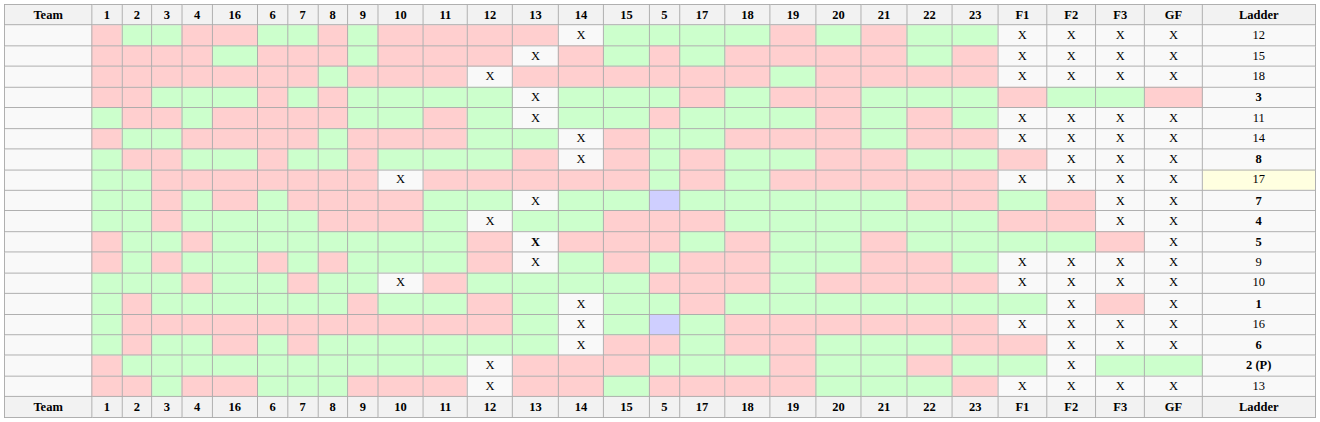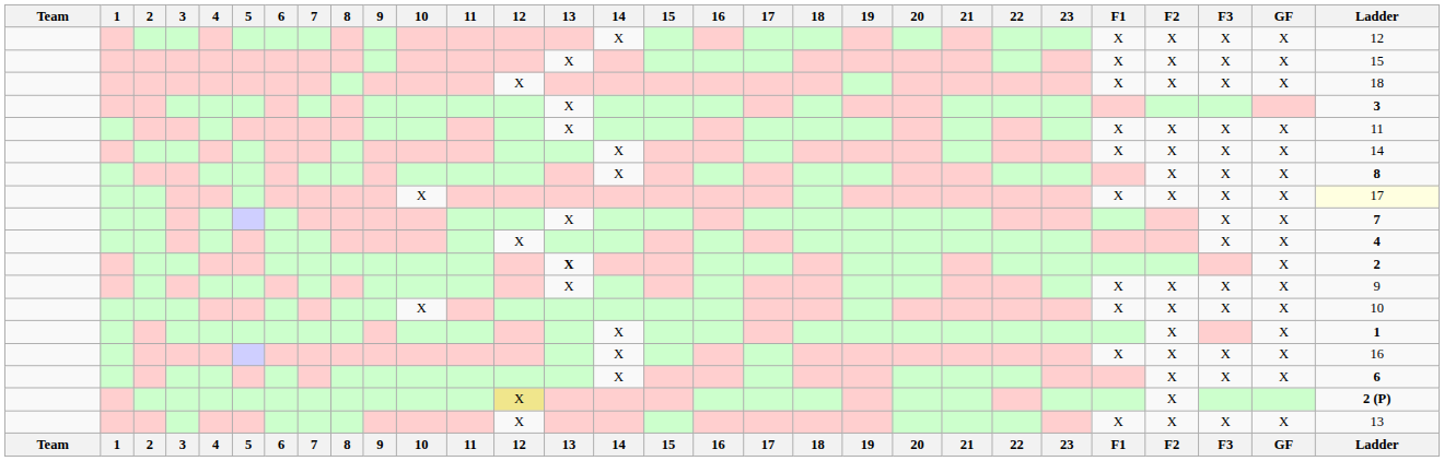 <table class="wikitable sortable" style="font-size:85%; text-align:center; width:90%">
 <tr valign="top">
 <th valign="middle">Team</th>
 <th>1</th>
 <th>2</th>
 <th>3</th>
 <th>4</th>
-<th>16</th>
+<th>5</th>
 <th>6</th>
 <th>7</th>
 <th>8</th>
 <th>9</th>
 <th>10</th>
 <th>11</th>
 <th>12</th>
 <th>13</th>
 <th>14</th>
 <th>15</th>
-<th>5</th>
+<th>16</th>
 <th>17</th>
 <th>18</th>
 <th>19</th>
 <th>20</th>
 <th>21</th>
 <th>22</th>
 <th>23</th>
 <th>F1</th>
 <th>F2</th>
 <th>F3</th>
 <th>GF</th>
 <th valign="middle">Ladder</th>
 </tr>
 <tr>
 <td align="left"></td>
 <td style="background:#FFCFCF;"></td>
 <td style="background:#cfc;"></td>
 <td style="background:#cfc;"></td>
 <td style="background:#FFCFCF;"></td>
-<td style="background:#FFCFCF;"></td>
+<td style="background:#cfc;"></td>
 <td style="background:#cfc;"></td>
 <td style="background:#cfc;"></td>
 <td style="background:#FFCFCF;"></td>
 <td style="background:#cfc;"></td>
 <td style="background:#FFCFCF;"></td>
 <td style="background:#FFCFCF;"></td>
 <td style="background:#FFCFCF;"></td>
 <td style="background:#FFCFCF;"></td>
 <td>X</td>
 <td style="background:#cfc;"></td>
-<td style="background:#cfc;"></td>
+<td style="background:#FFCFCF;"></td>
 <td style="background:#cfc;"></td>
 <td style="background:#cfc;"></td>
 <td style="background:#FFCFCF;"></td>
 <td style="background:#cfc;"></td>
 <td style="background:#FFCFCF;"></td>
 <td style="background:#cfc;"></td>
 <td style="background:#cfc;"></td>
 <td>X</td>
 <td>X</td>
 <td>X</td>
 <td>X</td>
 <td>12</td>
 </tr>
 <tr>
 <td align="left"></td>
 <td style="background:#FFCFCF;"></td>
 <td style="background:#FFCFCF;"></td>
 <td style="background:#FFCFCF;"></td>
 <td style="background:#FFCFCF;"></td>
-<td style="background:#cfc;"></td>
+<td style="background:#FFCFCF;"></td>
 <td style="background:#FFCFCF;"></td>
 <td style="background:#FFCFCF;"></td>
 <td style="background:#FFCFCF;"></td>
 <td style="background:#cfc;"></td>
 <td style="background:#FFCFCF;"></td>
 <td style="background:#FFCFCF;"></td>
 <td style="background:#FFCFCF;"></td>
 <td>X</td>
 <td style="background:#FFCFCF;"></td>
 <td style="background:#cfc;"></td>
-<td style="background:#FFCFCF;"></td>
+<td style="background:#cfc;"></td>
 <td style="background:#cfc;"></td>
 <td style="background:#FFCFCF;"></td>
 <td style="background:#FFCFCF;"></td>
 <td style="background:#FFCFCF;"></td>
 <td style="background:#FFCFCF;"></td>
 <td style="background:#cfc;"></td>
 <td style="background:#FFCFCF;"></td>
 <td>X</td>
 <td>X</td>
 <td>X</td>
 <td>X</td>
 <td>15</td>
 </tr>
 <tr>
 <td align="left"></td>
 <td style="background:#FFCFCF;"></td>
 <td style="background:#FFCFCF;"></td>
 <td style="background:#FFCFCF;"></td>
 <td style="background:#FFCFCF;"></td>
 <td style="background:#FFCFCF;"></td>
 <td style="background:#FFCFCF;"></td>
 <td style="background:#FFCFCF;"></td>
 <td style="background:#cfc;"></td>
 <td style="background:#FFCFCF;"></td>
 <td style="background:#FFCFCF;"></td>
 <td style="background:#FFCFCF;"></td>
 <td>X</td>
 <td style="background:#FFCFCF;"></td>
 <td style="background:#FFCFCF;"></td>
 <td style="background:#FFCFCF;"></td>
 <td style="background:#FFCFCF;"></td>
 <td style="background:#FFCFCF;"></td>
 <td style="background:#FFCFCF;"></td>
 <td style="background:#cfc;"></td>
 <td style="background:#FFCFCF;"></td>
 <td style="background:#FFCFCF;"></td>
 <td style="background:#FFCFCF;"></td>
 <td style="background:#FFCFCF;"></td>
 <td>X</td>
 <td>X</td>
 <td>X</td>
 <td>X</td>
 <td>18</td>
 </tr>
 <tr>
 <td align="left"></td>
 <td style="background:#FFCFCF;"></td>
 <td style="background:#FFCFCF;"></td>
 <td style="background:#cfc;"></td>
 <td style="background:#cfc;"></td>
 <td style="background:#cfc;"></td>
 <td style="background:#FFCFCF;"></td>
 <td style="background:#cfc;"></td>
 <td style="background:#FFCFCF;"></td>
 <td style="background:#cfc;"></td>
 <td style="background:#cfc;"></td>
 <td style="background:#cfc;"></td>
 <td style="background:#cfc;"></td>
 <td>X</td>
 <td style="background:#cfc;"></td>
 <td style="background:#cfc;"></td>
 <td style="background:#cfc;"></td>
 <td style="background:#FFCFCF;"></td>
 <td style="background:#cfc;"></td>
 <td style="background:#FFCFCF;"></td>
 <td style="background:#FFCFCF;"></td>
 <td style="background:#cfc;"></td>
 <td style="background:#cfc;"></td>
 <td style="background:#cfc;"></td>
 <td style="background:#FFCFCF;"></td>
 <td style="background:#cfc;"></td>
 <td style="background:#cfc;"></td>
 <td style="background:#FFCFCF;"></td>
 <td><strong>3</strong></td>
 </tr>
 <tr>
 <td align="left"></td>
 <td style="background:#cfc;"></td>
 <td style="background:#FFCFCF;"></td>
 <td style="background:#FFCFCF;"></td>
 <td style="background:#cfc;"></td>
 <td style="background:#FFCFCF;"></td>
 <td style="background:#FFCFCF;"></td>
 <td style="background:#FFCFCF;"></td>
 <td style="background:#FFCFCF;"></td>
 <td style="background:#cfc;"></td>
 <td style="background:#cfc;"></td>
 <td style="background:#FFCFCF;"></td>
 <td style="background:#cfc;"></td>
 <td>X</td>
 <td style="background:#cfc;"></td>
 <td style="background:#cfc;"><strong></strong></td>
 <td style="background:#FFCFCF;"></td>
 <td style="background:#cfc;"></td>
 <td style="background:#cfc;"></td>
 <td style="background:#cfc;"></td>
 <td style="background:#FFCFCF;"></td>
 <td style="background:#cfc;"></td>
 <td style="background:#FFCFCF;"></td>
 <td style="background:#cfc;"></td>
 <td>X</td>
 <td>X</td>
 <td>X</td>
 <td>X</td>
 <td>11</td>
 </tr>
 <tr>
 <td align="left"></td>
 <td style="background:#FFCFCF;"></td>
 <td style="background:#cfc;"></td>
 <td style="background:#cfc;"></td>
 <td style="background:#FFCFCF;"></td>
-<td style="background:#FFCFCF;"></td>
+<td style="background:#cfc;"></td>
 <td style="background:#FFCFCF;"></td>
 <td style="background:#FFCFCF;"></td>
 <td style="background:#cfc;"></td>
 <td style="background:#FFCFCF;"></td>
 <td style="background:#FFCFCF;"></td>
 <td style="background:#FFCFCF;"></td>
 <td style="background:#cfc;"></td>
 <td style="background:#cfc;"></td>
 <td>X</td>
 <td style="background:#FFCFCF;"></td>
-<td style="background:#cfc;"></td>
+<td style="background:#FFCFCF;"></td>
 <td style="background:#cfc;"></td>
 <td style="background:#FFCFCF;"></td>
 <td style="background:#FFCFCF;"></td>
 <td style="background:#FFCFCF;"></td>
 <td style="background:#cfc;"></td>
 <td style="background:#FFCFCF;"></td>
 <td style="background:#FFCFCF;"></td>
 <td>X</td>
 <td>X</td>
 <td>X</td>
 <td>X</td>
 <td>14</td>
 </tr>
 <tr>
 <td align="left"></td>
 <td style="background:#cfc;"></td>
 <td style="background:#FFCFCF;"></td>
 <td style="background:#FFCFCF;"></td>
 <td style="background:#cfc;"></td>
 <td style="background:#cfc;"></td>
 <td style="background:#FFCFCF;"></td>
 <td style="background:#cfc;"></td>
 <td style="background:#cfc;"></td>
 <td style="background:#FFCFCF;"></td>
 <td style="background:#cfc;"></td>
 <td style="background:#cfc;"></td>
 <td style="background:#cfc;"></td>
 <td style="background:#FFCFCF;"></td>
 <td>X</td>
 <td style="background:#FFCFCF;"></td>
 <td style="background:#cfc;"></td>
 <td style="background:#FFCFCF;"></td>
 <td style="background:#cfc;"></td>
 <td style="background:#cfc;"></td>
 <td style="background:#FFCFCF;"></td>
 <td style="background:#FFCFCF;"></td>
 <td style="background:#cfc;"></td>
 <td style="background:#cfc;"></td>
 <td style="background:#FFCFCF;"></td>
 <td>X</td>
 <td>X</td>
 <td>X</td>
 <td><strong>8</strong></td>
 </tr>
 <tr>
 <td align="left"></td>
 <td style="background:#cfc;"></td>
 <td style="background:#cfc;"></td>
 <td style="background:#FFCFCF;"></td>
 <td style="background:#FFCFCF;"></td>
-<td style="background:#FFCFCF;"></td>
+<td style="background:#cfc;"></td>
 <td style="background:#FFCFCF;"></td>
 <td style="background:#FFCFCF;"></td>
 <td style="background:#FFCFCF;"></td>
 <td style="background:#FFCFCF;"></td>
 <td>X</td>
 <td style="background:#FFCFCF;"></td>
 <td style="background:#FFCFCF;"></td>
 <td style="background:#FFCFCF;"></td>
 <td style="background:#FFCFCF;"></td>
 <td style="background:#FFCFCF;"></td>
-<td style="background:#cfc;"></td>
+<td style="background:#FFCFCF;"></td>
 <td style="background:#FFCFCF;"></td>
 <td style="background:#cfc;"></td>
 <td style="background:#FFCFCF;"></td>
 <td style="background:#FFCFCF;"></td>
 <td style="background:#FFCFCF;"></td>
 <td style="background:#FFCFCF;"></td>
 <td style="background:#FFCFCF;"></td>
 <td>X</td>
 <td>X</td>
 <td>X</td>
 <td>X</td>
 <td style="background: lightyellow;">17</td>
 </tr>
 <tr>
 <td align="left"></td>
 <td style="background:#cfc;"></td>
 <td style="background:#cfc;"></td>
 <td style="background:#FFCFCF;"></td>
 <td style="background:#cfc;"></td>
-<td style="background:#FFCFCF;"></td>
+<td style="background:#CFCFFF;"></td>
 <td style="background:#cfc;"></td>
 <td style="background:#FFCFCF;"></td>
 <td style="background:#FFCFCF;"></td>
 <td style="background:#FFCFCF;"></td>
 <td style="background:#FFCFCF;"></td>
 <td style="background:#cfc;"></td>
 <td style="background:#cfc;"></td>
 <td>X</td>
 <td style="background:#cfc;"></td>
 <td style="background:#cfc;"></td>
-<td style="background:#CFCFFF;"></td>
+<td style="background:#FFCFCF;"></td>
 <td style="background:#cfc;"></td>
 <td style="background:#cfc;"></td>
 <td style="background:#cfc;"></td>
 <td style="background:#cfc;"></td>
 <td style="background:#cfc;"></td>
 <td style="background:#FFCFCF;"></td>
 <td style="background:#FFCFCF;"></td>
 <td style="background:#cfc;"></td>
 <td style="background:#FFCFCF;"></td>
 <td>X</td>
 <td>X</td>
 <td><strong>7</strong></td>
 </tr>
 <tr>
 <td align="left"></td>
 <td style="background:#cfc;"></td>
 <td style="background:#cfc;"></td>
 <td style="background:#FFCFCF;"></td>
 <td style="background:#cfc;"></td>
-<td style="background:#cfc;"></td>
+<td style="background:#FFCFCF;"></td>
 <td style="background:#cfc;"></td>
 <td style="background:#cfc;"></td>
 <td style="background:#FFCFCF;"></td>
 <td style="background:#FFCFCF;"></td>
 <td style="background:#FFCFCF;"></td>
 <td style="background:#cfc;"></td>
 <td>X</td>
 <td style="background:#cfc;"></td>
 <td style="background:#cfc;"></td>
 <td style="background:#FFCFCF;"></td>
-<td style="background:#FFCFCF;"></td>
+<td style="background:#cfc;"></td>
 <td style="background:#FFCFCF;"></td>
 <td style="background:#cfc;"></td>
 <td style="background:#cfc;"></td>
 <td style="background:#cfc;"></td>
 <td style="background:#cfc;"></td>
 <td style="background:#cfc;"></td>
 <td style="background:#cfc;"></td>
 <td style="background:#FFCFCF;"></td>
 <td style="background:#FFCFCF;"></td>
 <td>X</td>
 <td>X</td>
 <td><strong>4</strong></td>
 </tr>
 <tr>
 <td align="left"></td>
 <td style="background:#FFCFCF;"></td>
 <td style="background:#cfc;"></td>
 <td style="background:#cfc;"></td>
 <td style="background:#FFCFCF;"></td>
-<td style="background:#cfc;"></td>
+<td style="background:#FFCFCF;"></td>
 <td style="background:#cfc;"></td>
 <td style="background:#cfc;"></td>
 <td style="background:#cfc;"></td>
 <td style="background:#cfc;"></td>
 <td style="background:#cfc;"></td>
 <td style="background:#cfc;"></td>
 <td style="background:#FFCFCF;"></td>
 <td><strong>X</strong></td>
 <td style="background:#FFCFCF;"></td>
 <td style="background:#FFCFCF;"></td>
-<td style="background:#FFCFCF;"></td>
+<td style="background:#cfc;"></td>
 <td style="background:#cfc;"></td>
 <td style="background:#FFCFCF;"></td>
 <td style="background:#cfc;"></td>
 <td style="background:#cfc;"></td>
 <td style="background:#FFCFCF;"></td>
 <td style="background:#cfc;"></td>
 <td style="background:#cfc;"></td>
 <td style="background:#cfc;"></td>
 <td style="background:#cfc;"></td>
 <td style="background:#FFCFCF;"></td>
 <td>X</td>
-<td><strong>5</strong></td>
+<td><strong>2</strong></td>
 </tr>
 <tr>
 <td align="left"></td>
 <td style="background:#FFCFCF;"></td>
 <td style="background:#cfc;"></td>
 <td style="background:#FFCFCF;"></td>
 <td style="background:#cfc;"></td>
 <td style="background:#cfc;"></td>
 <td style="background:#FFCFCF;"></td>
 <td style="background:#cfc;"></td>
 <td style="background:#FFCFCF;"></td>
 <td style="background:#cfc;"></td>
 <td style="background:#cfc;"></td>
 <td style="background:#cfc;"></td>
 <td style="background:#FFCFCF;"></td>
 <td>X</td>
 <td style="background:#cfc;"></td>
 <td style="background:#FFCFCF;"></td>
 <td style="background:#cfc;"></td>
 <td style="background:#FFCFCF;"></td>
 <td style="background:#FFCFCF;"></td>
 <td style="background:#cfc;"></td>
 <td style="background:#cfc;"></td>
 <td style="background:#FFCFCF;"></td>
 <td style="background:#FFCFCF;"></td>
 <td style="background:#cfc;"></td>
 <td>X</td>
 <td>X</td>
 <td>X</td>
 <td>X</td>
 <td>9</td>
 </tr>
 <tr>
 <td align="left"></td>
 <td style="background:#cfc;"></td>
 <td style="background:#cfc;"></td>
 <td style="background:#cfc;"></td>
 <td style="background:#FFCFCF;"></td>
-<td style="background:#cfc;"></td>
+<td style="background:#FFCFCF;"></td>
 <td style="background:#cfc;"></td>
 <td style="background:#FFCFCF;"></td>
 <td style="background:#cfc;"></td>
 <td style="background:#cfc;"></td>
 <td>X</td>
 <td style="background:#FFCFCF;"></td>
 <td style="background:#cfc;"></td>
 <td style="background:#cfc;"></td>
 <td style="background:#cfc;"></td>
 <td style="background:#cfc;"></td>
-<td style="background:#FFCFCF;"></td>
+<td style="background:#cfc;"></td>
 <td style="background:#FFCFCF;"></td>
 <td style="background:#FFCFCF;"></td>
 <td style="background:#cfc;"></td>
 <td style="background:#FFCFCF;"></td>
 <td style="background:#FFCFCF;"></td>
 <td style="background:#FFCFCF;"></td>
 <td style="background:#FFCFCF;"></td>
 <td>X</td>
 <td>X</td>
 <td>X</td>
 <td>X</td>
 <td>10</td>
 </tr>
 <tr>
 <td align="left"></td>
 <td style="background:#cfc;"></td>
 <td style="background:#FFCFCF;"></td>
 <td style="background:#cfc;"></td>
 <td style="background:#cfc;"></td>
 <td style="background:#cfc;"></td>
 <td style="background:#cfc;"></td>
 <td style="background:#cfc;"></td>
 <td style="background:#cfc;"></td>
 <td style="background:#FFCFCF;"></td>
 <td style="background:#cfc;"></td>
 <td style="background:#cfc;"></td>
 <td style="background:#FFCFCF;"></td>
 <td style="background:#cfc;"></td>
 <td>X</td>
 <td style="background:#cfc;"></td>
 <td style="background:#cfc;"></td>
 <td style="background:#FFCFCF;"></td>
 <td style="background:#cfc;"></td>
 <td style="background:#cfc;"></td>
 <td style="background:#cfc;"></td>
 <td style="background:#cfc;"></td>
 <td style="background:#cfc;"></td>
 <td style="background:#cfc;"></td>
 <td style="background:#cfc;"></td>
 <td>X</td>
 <td style="background:#FFCFCF;"></td>
 <td>X</td>
 <td><strong>1</strong></td>
 </tr>
 <tr>
 <td align="left"></td>
 <td style="background:#cfc;"></td>
 <td style="background:#FFCFCF;"></td>
 <td style="background:#FFCFCF;"></td>
 <td style="background:#FFCFCF;"></td>
-<td style="background:#FFCFCF;"></td>
+<td style="background:#CFCFFF;"></td>
 <td style="background:#FFCFCF;"></td>
 <td style="background:#FFCFCF;"></td>
 <td style="background:#FFCFCF;"></td>
 <td style="background:#FFCFCF;"></td>
 <td style="background:#FFCFCF;"></td>
 <td style="background:#FFCFCF;"></td>
 <td style="background:#FFCFCF;"></td>
 <td style="background:#cfc;"></td>
 <td>X</td>
 <td style="background:#cfc;"></td>
-<td style="background:#CFCFFF;"></td>
+<td style="background:#FFCFCF;"></td>
 <td style="background:#cfc;"></td>
 <td style="background:#FFCFCF;"></td>
 <td style="background:#FFCFCF;"></td>
 <td style="background:#FFCFCF;"></td>
 <td style="background:#FFCFCF;"></td>
 <td style="background:#FFCFCF;"></td>
 <td style="background:#FFCFCF;"></td>
 <td>X</td>
 <td>X</td>
 <td>X</td>
 <td>X</td>
 <td>16</td>
 </tr>
 <tr>
 <td align="left"></td>
 <td style="background:#cfc;"></td>
 <td style="background:#FFCFCF;"></td>
 <td style="background:#cfc;"></td>
 <td style="background:#cfc;"></td>
 <td style="background:#FFCFCF;"></td>
 <td style="background:#cfc;"></td>
 <td style="background:#FFCFCF;"></td>
 <td style="background:#cfc;"></td>
 <td style="background:#cfc;"></td>
 <td style="background:#cfc;"></td>
 <td style="background:#cfc;"></td>
 <td style="background:#cfc;"></td>
 <td style="background:#cfc;"></td>
 <td>X</td>
 <td style="background:#FFCFCF;"></td>
 <td style="background:#FFCFCF;"></td>
 <td style="background:#cfc;"></td>
 <td style="background:#FFCFCF;"></td>
 <td style="background:#FFCFCF;"></td>
 <td style="background:#cfc;"></td>
 <td style="background:#cfc;"></td>
 <td style="background:#cfc;"></td>
 <td style="background:#FFCFCF;"></td>
 <td style="background:#FFCFCF;"></td>
 <td>X</td>
 <td>X</td>
 <td>X</td>
 <td><strong>6</strong></td>
 </tr>
 <tr>
 <td align="left"></td>
 <td style="background:#FFCFCF;"></td>
 <td style="background:#cfc;"></td>
 <td style="background:#cfc;"></td>
 <td style="background:#cfc;"></td>
 <td style="background:#cfc;"></td>
 <td style="background:#cfc;"></td>
 <td style="background:#cfc;"></td>
 <td style="background:#cfc;"></td>
 <td style="background:#cfc;"></td>
 <td style="background:#cfc;"></td>
 <td style="background:#cfc;"></td>
-<td>X</td>
+<td style="background: khaki;">X</td>
 <td style="background:#FFCFCF;"></td>
 <td style="background:#FFCFCF;"></td>
 <td style="background:#FFCFCF;"></td>
 <td style="background:#cfc;"></td>
 <td style="background:#cfc;"></td>
 <td style="background:#cfc;"></td>
 <td style="background:#FFCFCF;"></td>
 <td style="background:#cfc;"></td>
 <td style="background:#cfc;"></td>
 <td style="background:#FFCFCF;"></td>
 <td style="background:#cfc;"></td>
 <td style="background:#cfc;"></td>
 <td>X</td>
 <td style="background:#cfc;"></td>
 <td style="background:#cfc;"></td>
 <td><strong>2</strong> <strong>(P)</strong></td>
 </tr>
 <tr>
 <td align="left"></td>
 <td style="background:#FFCFCF;"></td>
 <td style="background:#FFCFCF;"></td>
 <td style="background:#cfc;"></td>
 <td style="background:#FFCFCF;"></td>
 <td style="background:#FFCFCF;"></td>
 <td style="background:#cfc;"></td>
 <td style="background:#cfc;"></td>
 <td style="background:#cfc;"></td>
 <td style="background:#FFCFCF;"></td>
 <td style="background:#FFCFCF;"></td>
 <td style="background:#FFCFCF;"></td>
 <td>X</td>
 <td style="background:#FFCFCF;"></td>
 <td style="background:#FFCFCF;"></td>
 <td style="background:#cfc;"></td>
 <td style="background:#FFCFCF;"></td>
 <td style="background:#FFCFCF;"></td>
 <td style="background:#FFCFCF;"></td>
 <td style="background:#FFCFCF;"></td>
 <td style="background:#cfc;"></td>
 <td style="background:#cfc;"></td>
 <td style="background:#cfc;"></td>
 <td style="background:#FFCFCF;"></td>
 <td>X</td>
 <td>X</td>
 <td>X</td>
 <td>X</td>
 <td>13</td>
 </tr>
 <tr valign="top">
 <th valign="middle">Team</th>
 <th>1</th>
 <th>2</th>
 <th>3</th>
 <th>4</th>
-<th>16</th>
+<th>5</th>
 <th>6</th>
 <th>7</th>
 <th>8</th>
 <th>9</th>
 <th>10</th>
 <th>11</th>
 <th>12</th>
 <th>13</th>
 <th>14</th>
 <th>15</th>
-<th>5</th>
+<th>16</th>
 <th>17</th>
 <th>18</th>
 <th>19</th>
 <th>20</th>
 <th>21</th>
 <th>22</th>
 <th>23</th>
 <th>F1</th>
 <th>F2</th>
 <th>F3</th>
 <th>GF</th>
 <th valign="middle">Ladder</th>
 </tr>
 </table>
